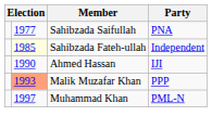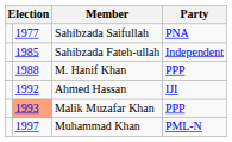 <table class="wikitable">
 <tr>
 <th colspan="2">Election</th>
 <th>Member</th>
 <th>Party</th>
 </tr>
 <tr>
 <td style="background-color: "></td>
 <td><a href='#'>1977</a></td>
 <td>Sahibzada Saifullah</td>
 <td><a href='#'>PNA</a></td>
 </tr>
 <tr>
 <td style="background-color: "></td>
-<td style="background: lightyellow;"><a href='#'>1985</a></td>
+<td><a href='#'>1985</a></td>
 <td>Sahibzada Fateh-ullah</td>
 <td><a href='#'>Independent</a></td>
 </tr>
 <tr>
 <td style="background-color: "></td>
-<td><a href='#'>1990</a></td>
+<td><a href='#'>1988</a></td>
+<td>M. Hanif Khan</td>
+<td><a href='#'>PPP</a></td>
+</tr>
+<tr>
+<td style="background-color: "></td>
+<td><a href='#'>1992</a></td>
 <td>Ahmed Hassan</td>
 <td><a href='#'>IJI</a></td>
 </tr>
 <tr>
 <td style="background-color: "></td>
 <td style="background: lightsalmon;"><a href='#'>1993</a></td>
 <td>Malik Muzafar Khan</td>
 <td><a href='#'>PPP</a></td>
 </tr>
 <tr>
 <td style="background-color: "></td>
 <td><a href='#'>1997</a></td>
 <td>Muhammad Khan</td>
 <td><a href='#'>PML-N</a></td>
 </tr>
 </table>
